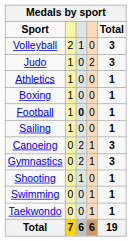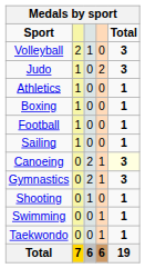 <table class="wikitable" style="font-size:85%; float:right">
 <tr style="background:#efefef;">
 <th colspan=5>Medals by sport</th>
 </tr>
 <tr align=center>
 <td><strong>Sport</strong></td>
 <td bgcolor=#f7f6a8></td>
 <td bgcolor=#dce5e5></td>
 <td bgcolor=#ffdab9></td>
 <td><strong>Total</strong></td>
 </tr>
 <tr align=center>
 <td><a href='#'>Volleyball</a></td>
 <td style="background:#F7F6A8;">2</td>
 <td style="background:#DCE5E5;">1</td>
 <td style="background:#FFDAB9;">0</td>
 <td><strong>3</strong></td>
 </tr>
 <tr align=center>
 <td><a href='#'>Judo</a></td>
 <td style="background:#F7F6A8;">1</td>
 <td style="background:#DCE5E5;">0</td>
 <td style="background:#FFDAB9;">2</td>
 <td><strong>3</strong></td>
 </tr>
 <tr align=center>
 <td><a href='#'>Athletics</a></td>
 <td style="background:#F7F6A8;">1</td>
 <td style="background:#DCE5E5;">0</td>
 <td style="background:#FFDAB9;">0</td>
 <td><strong>1</strong></td>
 </tr>
 <tr align=center>
 <td><a href='#'>Boxing</a></td>
 <td style="background:#F7F6A8;">1</td>
 <td style="background:#DCE5E5;">0</td>
 <td style="background:#FFDAB9;">0</td>
 <td><strong>1</strong></td>
 </tr>
 <tr align=center>
 <td><a href='#'>Football</a></td>
 <td style="background:#F7F6A8;">1</td>
-<td style="background:#DCE5E5;"><strong>0</strong></td>
+<td style="background:#DCE5E5;">0</td>
 <td style="background:#FFDAB9;">0</td>
 <td><strong>1</strong></td>
 </tr>
 <tr align=center>
 <td><a href='#'>Sailing</a></td>
 <td style="background:#F7F6A8;">1</td>
 <td style="background:#DCE5E5;">0</td>
 <td style="background:#FFDAB9;">0</td>
 <td><strong>1</strong></td>
 </tr>
 <tr align=center>
 <td><a href='#'>Canoeing</a></td>
 <td style="background:#F7F6A8;">0</td>
 <td style="background:#DCE5E5;">2</td>
 <td style="background:#FFDAB9;">1</td>
-<td><strong>3</strong></td>
+<td style="background: lightyellow;"><strong>3</strong></td>
 </tr>
 <tr align=center>
 <td><a href='#'>Gymnastics</a></td>
 <td style="background:#F7F6A8;">0</td>
 <td style="background:#DCE5E5;">2</td>
 <td style="background:#FFDAB9;">1</td>
 <td><strong>3</strong></td>
 </tr>
 <tr align=center>
 <td><a href='#'>Shooting</a></td>
 <td style="background:#F7F6A8;">0</td>
 <td style="background:#DCE5E5;">1</td>
 <td style="background:#FFDAB9;">0</td>
 <td><strong>1</strong></td>
 </tr>
 <tr align=center>
 <td><a href='#'>Swimming</a></td>
 <td style="background:#F7F6A8;">0</td>
 <td style="background:#DCE5E5;">0</td>
 <td style="background:#FFDAB9;">1</td>
 <td><strong>1</strong></td>
 </tr>
 <tr align=center>
 <td><a href='#'>Taekwondo</a></td>
 <td style="background:#F7F6A8;">0</td>
 <td style="background:#DCE5E5;">0</td>
 <td style="background:#FFDAB9;">1</td>
 <td><strong>1</strong></td>
 </tr>
 <tr align=center>
 <th>Total</th>
 <th style="background:gold;">7</th>
 <th style="background:silver;">6</th>
 <th style="background:#c96;">6</th>
 <th>19</th>
 </tr>
 </table>
